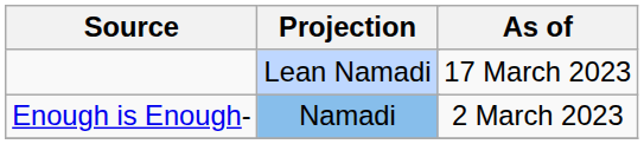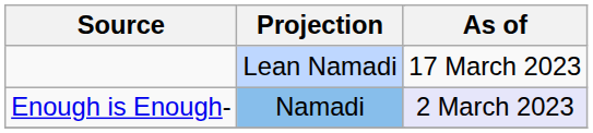 <table class="wikitable" style="text-align:center">
 <tr>
 <th>Source</th>
 <th colspan=2>Projection</th>
 <th>As of</th>
 </tr>
 <tr>
 <td align="left"></td>
 <td colspan=2 bgcolor=#bed7ff>Lean Namadi</td>
 <td>17 March 2023</td>
 </tr>
 <tr>
 <td align="left"><a href='#'>Enough is Enough</a>-<br></td>
 <td colspan=2 bgcolor=#87BEEB>Namadi</td>
-<td>2 March 2023</td>
+<td style="background: lavender;">2 March 2023</td>
 </tr>
 <tr>
 </tr>
 </table>
